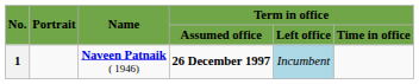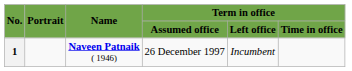 <table class="wikitable sortable" style="text-align:center;">
 <tr>
 <th rowspan=2 style="background-color:#70A548;color:black">No.</th>
 <th rowspan=2 style="background-color:#70A548;color:black">Portrait</th>
 <th rowspan=2 style="background-color:#70A548;color:black">Name<br></th>
 <th colspan=3 style="background-color:#70A548;color:black">Term in office</th>
 </tr>
 <tr>
 <th style="background-color:#70A548;color:black">Assumed office</th>
 <th style="background-color:#70A548;color:black">Left office</th>
 <th style="background-color:#70A548;color:black">Time in office</th>
 </tr>
 <tr>
 <th>1</th>
 <td></td>
 <td><strong><a href='#'>Naveen Patnaik</a></strong><br><small>( 1946)</small></td>
-<td><strong>26 December 1997</strong></td>
-<td style="background: lightblue;"><em>Incumbent</em></td>
+<td>26 December 1997</td>
+<td><em>Incumbent</em></td>
 <td></td>
 </tr>
 </table>
